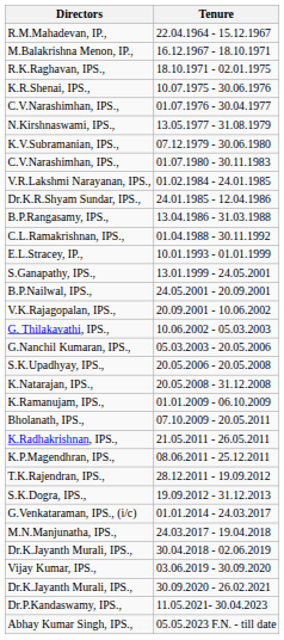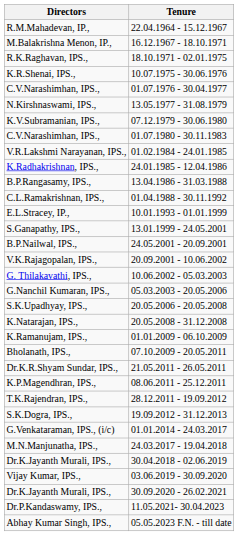 <table class="wikitable">
 <tr>
 <th>Directors</th>
 <th>Tenure</th>
 </tr>
 <tr>
 <td>R.M.Mahadevan, IP.,</td>
 <td>22.04.1964 - 15.12.1967</td>
 </tr>
 <tr>
 <td>M.Balakrishna Menon, IP.,</td>
 <td>16.12.1967 - 18.10.1971</td>
 </tr>
 <tr>
 <td>R.K.Raghavan, IPS.,</td>
 <td>18.10.1971 - 02.01.1975</td>
 </tr>
 <tr>
 <td>K.R.Shenai, IPS.,</td>
 <td>10.07.1975 - 30.06.1976</td>
 </tr>
 <tr>
 <td>C.V.Narashimhan, IPS.,</td>
 <td>01.07.1976 - 30.04.1977</td>
 </tr>
 <tr>
 <td>N.Kirshnaswami, IPS.,</td>
 <td>13.05.1977 - 31.08.1979</td>
 </tr>
 <tr>
 <td>K.V.Subramanian, IPS.,</td>
 <td>07.12.1979 - 30.06.1980</td>
 </tr>
 <tr>
 <td>C.V.Narashimhan, IPS.,</td>
 <td>01.07.1980 - 30.11.1983</td>
 </tr>
 <tr>
 <td>V.R.Lakshmi Narayanan, IPS.,</td>
 <td>01.02.1984 - 24.01.1985</td>
 </tr>
 <tr>
-<td>Dr.K.R.Shyam Sundar, IPS.,</td>
+<td><a href='#'>K.Radhakrishnan</a>, IPS.,</td>
 <td>24.01.1985 - 12.04.1986</td>
 </tr>
 <tr>
 <td>B.P.Rangasamy, IPS.,</td>
 <td>13.04.1986 - 31.03.1988</td>
 </tr>
 <tr>
 <td>C.L.Ramakrishnan, IPS.,</td>
 <td>01.04.1988 - 30.11.1992</td>
 </tr>
 <tr>
 <td>E.L.Stracey, IP.,</td>
 <td>10.01.1993 - 01.01.1999</td>
 </tr>
 <tr>
 <td>S.Ganapathy, IPS.,</td>
 <td>13.01.1999 - 24.05.2001</td>
 </tr>
 <tr>
 <td>B.P.Nailwal, IPS.,</td>
 <td>24.05.2001 - 20.09.2001</td>
 </tr>
 <tr>
 <td>V.K.Rajagopalan, IPS.,</td>
 <td>20.09.2001 - 10.06.2002</td>
 </tr>
 <tr>
 <td><a href='#'>G. Thilakavathi</a>, IPS.,</td>
 <td>10.06.2002 - 05.03.2003</td>
 </tr>
 <tr>
 <td>G.Nanchil Kumaran, IPS.,</td>
 <td>05.03.2003 - 20.05.2006</td>
 </tr>
 <tr>
 <td>S.K.Upadhyay, IPS.,</td>
 <td>20.05.2006 - 20.05.2008</td>
 </tr>
 <tr>
 <td>K.Natarajan, IPS.,</td>
 <td>20.05.2008 - 31.12.2008</td>
 </tr>
 <tr>
 <td>K.Ramanujam, IPS.,</td>
 <td>01.01.2009 - 06.10.2009</td>
 </tr>
 <tr>
 <td>Bholanath, IPS.,</td>
 <td>07.10.2009 - 20.05.2011</td>
 </tr>
 <tr>
-<td><a href='#'>K.Radhakrishnan</a>, IPS.,</td>
+<td>Dr.K.R.Shyam Sundar, IPS.,</td>
 <td>21.05.2011 - 26.05.2011</td>
 </tr>
 <tr>
 <td>K.P.Magendhran, IPS.,</td>
 <td>08.06.2011 - 25.12.2011</td>
 </tr>
 <tr>
 <td>T.K.Rajendran, IPS.,</td>
 <td>28.12.2011 - 19.09.2012</td>
 </tr>
 <tr>
 <td>S.K.Dogra, IPS.,</td>
 <td>19.09.2012 - 31.12.2013</td>
 </tr>
 <tr>
 <td>G.Venkataraman, IPS., (i/c)</td>
 <td>01.01.2014 - 24.03.2017</td>
 </tr>
 <tr>
 <td>M.N.Manjunatha, IPS.,</td>
 <td>24.03.2017 - 19.04.2018</td>
 </tr>
 <tr>
 <td>Dr.K.Jayanth Murali, IPS.,</td>
 <td>30.04.2018 - 02.06.2019</td>
 </tr>
 <tr>
 <td>Vijay Kumar, IPS.,</td>
 <td>03.06.2019 - 30.09.2020</td>
 </tr>
 <tr>
 <td>Dr.K.Jayanth Murali, IPS.,</td>
 <td>30.09.2020 - 26.02.2021</td>
 </tr>
 <tr>
 <td>Dr.P.Kandaswamy, IPS.,</td>
 <td>11.05.2021- 30.04.2023</td>
 </tr>
 <tr>
 <td>Abhay Kumar Singh, IPS.,</td>
 <td>05.05.2023 F.N. - till date</td>
 </tr>
 </table>
